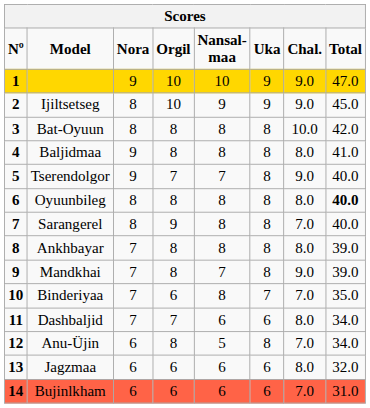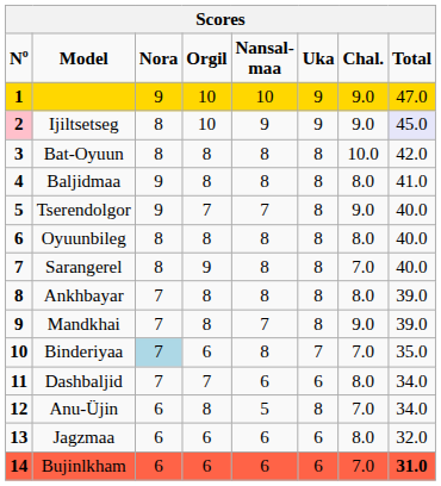 <table class="wikitable collapsible autocollapse" style="text-align:center;">
 <tr>
 <th colspan="8">Scores</th>
 </tr>
 <tr>
 <td><strong>Nº</strong></td>
 <td><strong>Model</strong></td>
 <td><strong>Nora</strong></td>
 <td><strong>Orgil</strong></td>
 <td><strong>Nansal-<br>maa</strong></td>
 <td><strong>Uka</strong></td>
 <td><strong>Chal.</strong></td>
 <td><strong>Total</strong></td>
 </tr>
 <tr>
 <td style="background:gold"><strong>1</strong></td>
 <td style="background:gold"></td>
 <td style="background:gold">9</td>
 <td style="background:gold">10</td>
 <td style="background:gold">10</td>
 <td style="background:gold">9</td>
 <td style="background:gold">9.0</td>
 <td style="background:gold">47.0</td>
 </tr>
 <tr>
-<td><strong>2</strong></td>
+<td style="background: pink;"><strong>2</strong></td>
 <td>Ijiltsetseg</td>
 <td>8</td>
 <td>10</td>
 <td>9</td>
 <td>9</td>
 <td>9.0</td>
-<td>45.0</td>
+<td style="background: lavender;">45.0</td>
 </tr>
 <tr>
 <td><strong>3</strong></td>
 <td>Bat-Oyuun</td>
 <td>8</td>
 <td>8</td>
 <td>8</td>
 <td>8</td>
 <td>10.0</td>
 <td>42.0</td>
 </tr>
 <tr>
 <td><strong>4</strong></td>
 <td>Baljidmaa</td>
 <td>9</td>
 <td>8</td>
 <td>8</td>
 <td>8</td>
 <td>8.0</td>
 <td>41.0</td>
 </tr>
 <tr>
 <td><strong>5</strong></td>
 <td>Tserendolgor</td>
 <td>9</td>
 <td>7</td>
 <td>7</td>
 <td>8</td>
 <td>9.0</td>
 <td>40.0</td>
 </tr>
 <tr>
 <td><strong>6</strong></td>
 <td>Oyuunbileg</td>
 <td>8</td>
 <td>8</td>
 <td>8</td>
 <td>8</td>
 <td>8.0</td>
-<td><strong>40.0</strong></td>
+<td>40.0</td>
 </tr>
 <tr>
 <td><strong>7</strong></td>
 <td>Sarangerel</td>
 <td>8</td>
 <td>9</td>
 <td>8</td>
 <td>8</td>
 <td>7.0</td>
 <td>40.0</td>
 </tr>
 <tr>
 <td><strong>8</strong></td>
 <td>Ankhbayar</td>
 <td>7</td>
 <td>8</td>
 <td>8</td>
 <td>8</td>
 <td>8.0</td>
 <td>39.0</td>
 </tr>
 <tr>
 <td><strong>9</strong></td>
 <td>Mandkhai</td>
 <td>7</td>
 <td>8</td>
 <td>7</td>
 <td>8</td>
 <td>9.0</td>
 <td>39.0</td>
 </tr>
 <tr>
 <td><strong>10</strong></td>
 <td>Binderiyaa</td>
-<td>7</td>
+<td style="background: lightblue;">7</td>
 <td>6</td>
 <td>8</td>
 <td>7</td>
 <td>7.0</td>
 <td>35.0</td>
 </tr>
 <tr>
 <td><strong>11</strong></td>
 <td>Dashbaljid</td>
 <td>7</td>
 <td>7</td>
 <td>6</td>
 <td>6</td>
 <td>8.0</td>
 <td>34.0</td>
 </tr>
 <tr>
 <td><strong>12</strong></td>
 <td>Anu-Üjin</td>
 <td>6</td>
 <td>8</td>
 <td>5</td>
 <td>8</td>
 <td>7.0</td>
 <td>34.0</td>
 </tr>
 <tr>
 <td><strong>13</strong></td>
 <td>Jagzmaa</td>
 <td>6</td>
 <td>6</td>
 <td>6</td>
 <td>6</td>
 <td>8.0</td>
 <td>32.0</td>
 </tr>
 <tr>
 <td style="background:tomato"><strong>14</strong></td>
 <td style="background:tomato">Bujinlkham</td>
 <td style="background:tomato">6</td>
 <td style="background:tomato">6</td>
 <td style="background:tomato">6</td>
 <td style="background:tomato">6</td>
 <td style="background:tomato">7.0</td>
-<td style="background:tomato">31.0</td>
+<td style="background:tomato"><strong>31.0</strong></td>
 </tr>
 </table>
